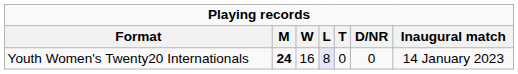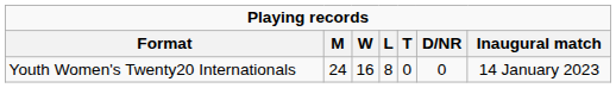 <table class="wikitable" style="text-align: center; width: 600px">
 <tr>
 <td colspan="8" align="center"><strong>Playing records</strong></td>
 </tr>
 <tr>
 <th>Format</th>
 <th>M</th>
 <th>W</th>
 <th>L</th>
 <th>T</th>
 <th>D/NR</th>
 <th>Inaugural match</th>
 </tr>
 <tr>
 <td align="left">Youth Women's Twenty20 Internationals</td>
-<td><strong>24</strong></td>
+<td>24</td>
 <td>16</td>
-<td style="background: lavender;">8</td>
+<td>8</td>
 <td>0</td>
 <td>0</td>
 <td>14 January 2023</td>
 </tr>
 </table>
